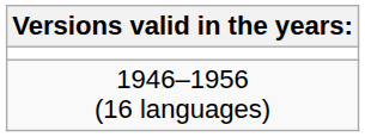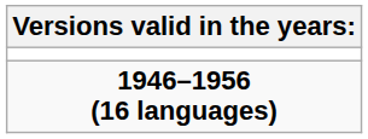 <table class="wikitable" style="margin:0.3em auto">
 <tr>
 <th class="hintergrundfarbe8" colspan="1">Versions valid in the years:</th>
 </tr>
 <tr align="center" bgcolor="#FFFFFF">
 <td></td>
 </tr>
 <tr class="hintergrundfarbe8" align="center">
-<td>1946–1956<br>(16 languages)</td>
+<td><strong>1946–1956<br>(16 languages)</strong></td>
 </tr>
 </table>
